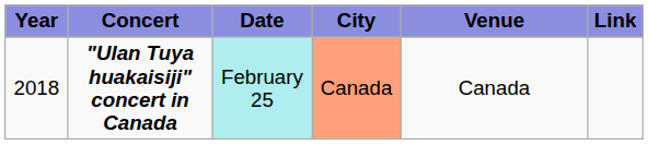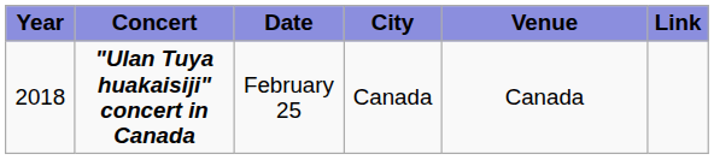 <table class="wikitable sortable mw-collapsible" width="80%" style="text-align:center">
 <tr align="center" style="background:#8B8EDE">
 <td style="width:2%"><strong>Year</strong></td>
 <td style="width:8%"><strong>Concert</strong></td>
 <td style="width:2%"><strong>Date</strong></td>
 <td style="width:2%"><strong>City</strong></td>
 <td style="width:18%"><strong>Venue</strong></td>
 <td style="width:1%"><strong>Link</strong></td>
 </tr>
 <tr>
 <td rowspan="2">2018</td>
 <td rowspan="2"><strong><em>"Ulan Tuya huakaisiji" concert in Canada</em></strong></td>
-<td style="background: paleturquoise;">February 25</td>
-<td style="background: lightsalmon;">Canada</td>
+<td>February 25</td>
+<td>Canada</td>
 <td>Canada</td>
 <td></td>
 </tr>
 </table>
